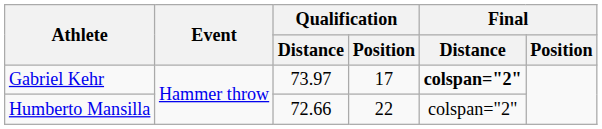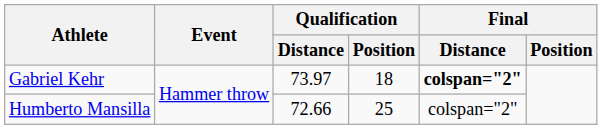 <table class="wikitable" style="font-size:90%">
 <tr>
 <th rowspan="2">Athlete</th>
 <th rowspan="2">Event</th>
 <th colspan="2">Qualification</th>
 <th colspan="2">Final</th>
 </tr>
 <tr>
 <th>Distance</th>
 <th>Position</th>
 <th>Distance</th>
 <th>Position</th>
 </tr>
 <tr style=text-align:center>
 <td style=text-align:left><a href='#'>Gabriel Kehr</a></td>
 <td style=text-align:left rowspan="2"><a href='#'>Hammer throw</a></td>
 <td>73.97</td>
-<td>17</td>
+<td>18</td>
 <td><strong>colspan="2" </strong></td>
 </tr>
 <tr style=text-align:center>
 <td style=text-align:left><a href='#'>Humberto Mansilla</a></td>
 <td>72.66</td>
-<td>22</td>
+<td>25</td>
 <td>colspan="2" </td>
 </tr>
 </table>
